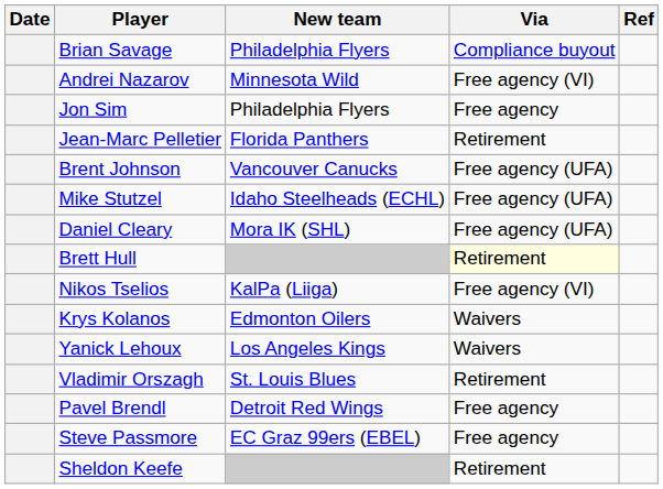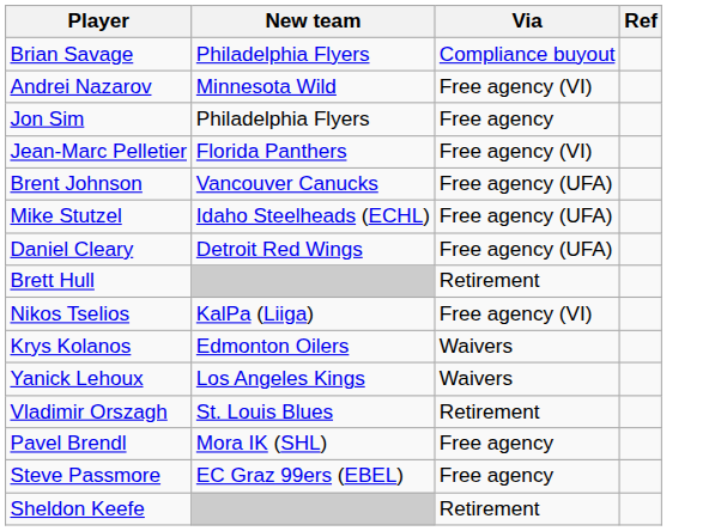 <table class="wikitable plainrowheaders">
 <tr style="background:#ddd; text-align:center;">
-<th>Date</th>
 <th>Player</th>
 <th>New team</th>
 <th>Via</th>
 <th>Ref</th>
 </tr>
 <tr>
-<th scope="row"></th>
 <td><a href='#'>Brian Savage</a></td>
 <td><a href='#'>Philadelphia Flyers</a></td>
 <td><a href='#'>Compliance buyout</a></td>
 <td></td>
 </tr>
 <tr>
-<th scope="row"></th>
 <td><a href='#'>Andrei Nazarov</a></td>
 <td><a href='#'>Minnesota Wild</a></td>
 <td>Free agency (VI)</td>
 <td></td>
 </tr>
 <tr>
-<th scope="row"></th>
 <td><a href='#'>Jon Sim</a></td>
 <td>Philadelphia Flyers</td>
 <td>Free agency</td>
 <td></td>
 </tr>
 <tr>
-<th scope="row"></th>
 <td><a href='#'>Jean-Marc Pelletier</a></td>
 <td><a href='#'>Florida Panthers</a></td>
-<td>Retirement</td>
+<td>Free agency (VI)</td>
 <td></td>
 </tr>
 <tr>
-<th scope="row"></th>
 <td><a href='#'>Brent Johnson</a></td>
 <td><a href='#'>Vancouver Canucks</a></td>
 <td>Free agency (UFA)</td>
 <td></td>
 </tr>
 <tr>
-<th scope="row"></th>
 <td><a href='#'>Mike Stutzel</a></td>
 <td><a href='#'>Idaho Steelheads</a> (<a href='#'>ECHL</a>)</td>
 <td>Free agency (UFA)</td>
 <td></td>
 </tr>
 <tr>
-<th scope="row"></th>
 <td><a href='#'>Daniel Cleary</a></td>
-<td><a href='#'>Mora IK</a> (<a href='#'>SHL</a>)</td>
+<td><a href='#'>Detroit Red Wings</a></td>
 <td>Free agency (UFA)</td>
 <td></td>
 </tr>
 <tr>
-<th scope="row"></th>
 <td><a href='#'>Brett Hull</a></td>
 <td style="background:#ccc"></td>
-<td style="background: lightyellow;">Retirement</td>
+<td>Retirement</td>
 <td></td>
 </tr>
 <tr>
-<th scope="row"></th>
 <td><a href='#'>Nikos Tselios</a></td>
 <td><a href='#'>KalPa</a> (<a href='#'>Liiga</a>)</td>
 <td>Free agency (VI)</td>
 <td></td>
 </tr>
 <tr>
-<th scope="row"></th>
 <td><a href='#'>Krys Kolanos</a></td>
 <td><a href='#'>Edmonton Oilers</a></td>
 <td>Waivers</td>
 <td></td>
 </tr>
 <tr>
-<th scope="row"></th>
 <td><a href='#'>Yanick Lehoux</a></td>
 <td><a href='#'>Los Angeles Kings</a></td>
 <td>Waivers</td>
 <td></td>
 </tr>
 <tr>
-<th scope="row"></th>
 <td><a href='#'>Vladimir Orszagh</a></td>
 <td><a href='#'>St. Louis Blues</a></td>
 <td>Retirement</td>
 <td></td>
 </tr>
 <tr>
-<th scope="row"></th>
 <td><a href='#'>Pavel Brendl</a></td>
-<td><a href='#'>Detroit Red Wings</a></td>
+<td><a href='#'>Mora IK</a> (<a href='#'>SHL</a>)</td>
 <td>Free agency</td>
 <td></td>
 </tr>
 <tr>
-<th scope="row"></th>
 <td><a href='#'>Steve Passmore</a></td>
 <td><a href='#'>EC Graz 99ers</a> (<a href='#'>EBEL</a>)</td>
 <td>Free agency</td>
 <td></td>
 </tr>
 <tr>
-<th scope="row"></th>
 <td><a href='#'>Sheldon Keefe</a></td>
 <td style="background:#ccc"></td>
 <td>Retirement</td>
 <td></td>
 </tr>
 </table>
